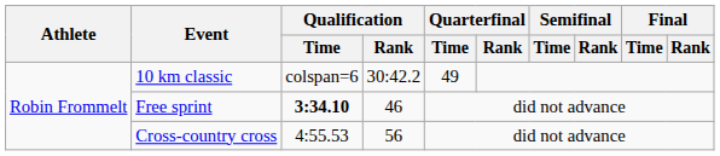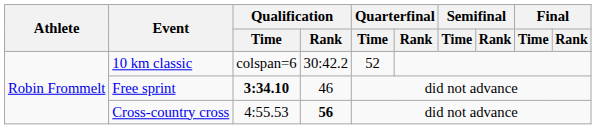 <table class="wikitable" style="font-size:90%">
 <tr>
 <th rowspan="2">Athlete</th>
 <th rowspan="2">Event</th>
 <th colspan="2">Qualification</th>
 <th colspan="2">Quarterfinal</th>
 <th colspan="2">Semifinal</th>
 <th colspan="2">Final</th>
 </tr>
 <tr style="font-size:95%">
 <th>Time</th>
 <th>Rank</th>
 <th>Time</th>
 <th>Rank</th>
 <th>Time</th>
 <th>Rank</th>
 <th>Time</th>
 <th>Rank</th>
 </tr>
 <tr align=center>
 <td align=left rowspan=3><a href='#'>Robin Frommelt</a></td>
 <td align=left><a href='#'>10 km classic</a></td>
 <td>colspan=6 </td>
 <td>30:42.2</td>
-<td>49</td>
+<td>52</td>
 </tr>
 <tr align=center>
 <td align=left><a href='#'>Free sprint</a></td>
 <td><strong>3:34.10</strong></td>
 <td>46</td>
 <td colspan="6">did not advance</td>
 </tr>
 <tr align=center>
 <td align=left><a href='#'>Cross-country cross</a></td>
 <td>4:55.53</td>
-<td>56</td>
+<td><strong>56</strong></td>
 <td colspan="6">did not advance</td>
 </tr>
 </table>
